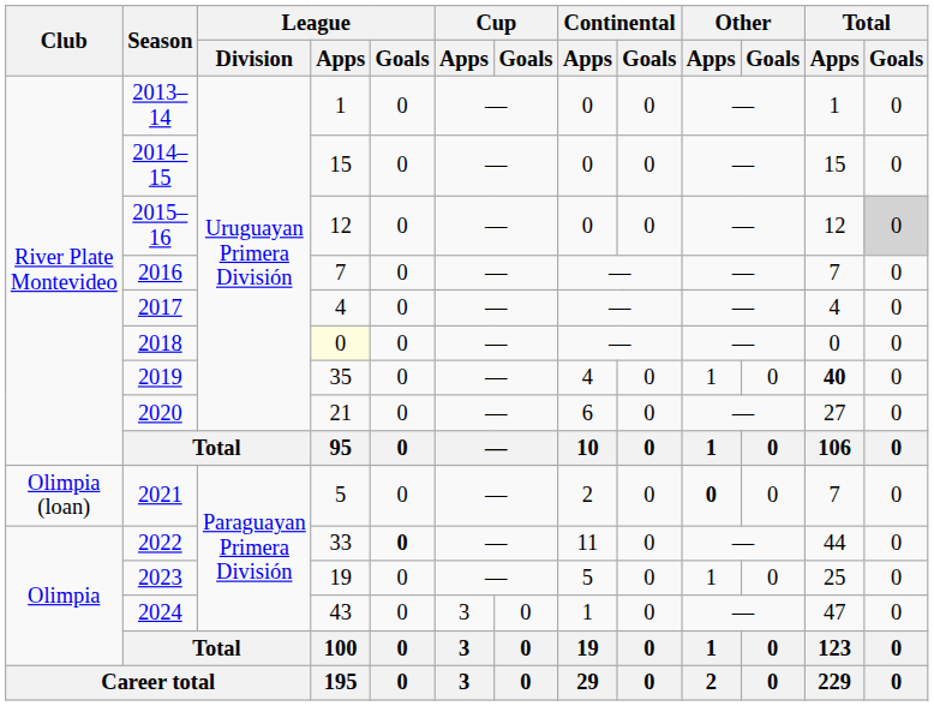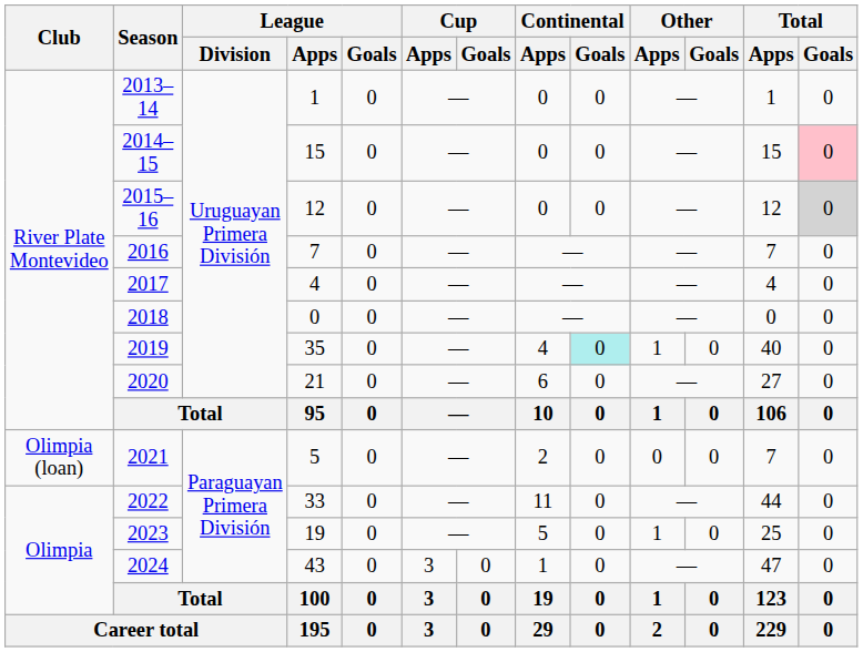 <table class="wikitable" Style="text-align: center">
 <tr>
 <th rowspan="2">Club</th>
 <th rowspan="2">Season</th>
 <th colspan="3">League</th>
 <th colspan="2">Cup</th>
 <th colspan="2">Continental</th>
 <th colspan="2">Other</th>
 <th colspan="2">Total</th>
 </tr>
 <tr>
 <th>Division</th>
 <th>Apps</th>
 <th>Goals</th>
 <th>Apps</th>
 <th>Goals</th>
 <th>Apps</th>
 <th>Goals</th>
 <th>Apps</th>
 <th>Goals</th>
 <th>Apps</th>
 <th>Goals</th>
 </tr>
 <tr>
 <td rowspan="9"><a href='#'>River Plate Montevideo</a></td>
 <td><a href='#'>2013–14</a></td>
 <td rowspan="8"><a href='#'>Uruguayan Primera División</a></td>
 <td>1</td>
 <td>0</td>
 <td colspan="2">—</td>
 <td>0</td>
 <td>0</td>
 <td colspan="2">—</td>
 <td>1</td>
 <td>0</td>
 </tr>
 <tr>
 <td><a href='#'>2014–15</a></td>
 <td>15</td>
 <td>0</td>
 <td colspan="2">—</td>
 <td>0</td>
 <td>0</td>
 <td colspan="2">—</td>
 <td>15</td>
-<td>0</td>
+<td style="background: pink;">0</td>
 </tr>
 <tr>
 <td><a href='#'>2015–16</a></td>
 <td>12</td>
 <td>0</td>
 <td colspan="2">—</td>
 <td>0</td>
 <td>0</td>
 <td colspan="2">—</td>
 <td>12</td>
 <td style="background: lightgrey;">0</td>
 </tr>
 <tr>
 <td><a href='#'>2016</a></td>
 <td>7</td>
 <td>0</td>
 <td colspan="2">—</td>
 <td colspan="2">—</td>
 <td colspan="2">—</td>
 <td>7</td>
 <td>0</td>
 </tr>
 <tr>
 <td><a href='#'>2017</a></td>
 <td>4</td>
 <td>0</td>
 <td colspan="2">—</td>
 <td colspan="2">—</td>
 <td colspan="2">—</td>
 <td>4</td>
 <td>0</td>
 </tr>
 <tr>
 <td><a href='#'>2018</a></td>
-<td style="background: lightyellow;">0</td>
+<td>0</td>
 <td>0</td>
 <td colspan="2">—</td>
 <td colspan="2">—</td>
 <td colspan="2">—</td>
 <td>0</td>
 <td>0</td>
 </tr>
 <tr>
 <td><a href='#'>2019</a></td>
 <td>35</td>
 <td>0</td>
 <td colspan="2">—</td>
 <td>4</td>
-<td>0</td>
+<td style="background: paleturquoise;">0</td>
 <td>1</td>
 <td>0</td>
-<td><strong>40</strong></td>
+<td>40</td>
 <td>0</td>
 </tr>
 <tr>
 <td><a href='#'>2020</a></td>
 <td>21</td>
 <td>0</td>
 <td colspan="2">—</td>
 <td>6</td>
 <td>0</td>
 <td colspan="2">—</td>
 <td>27</td>
 <td>0</td>
 </tr>
 <tr>
 <th colspan="2">Total</th>
 <th>95</th>
 <th>0</th>
 <th colspan="2">—</th>
 <th>10</th>
 <th>0</th>
 <th>1</th>
 <th>0</th>
 <th>106</th>
 <th>0</th>
 </tr>
 <tr>
 <td><a href='#'>Olimpia</a> (loan)</td>
 <td><a href='#'>2021</a></td>
 <td rowspan="4"><a href='#'>Paraguayan Primera División</a></td>
 <td>5</td>
 <td>0</td>
 <td colspan="2">—</td>
 <td>2</td>
 <td>0</td>
-<td><strong>0</strong></td>
+<td>0</td>
 <td>0</td>
 <td>7</td>
 <td>0</td>
 </tr>
 <tr>
 <td rowspan="4"><a href='#'>Olimpia</a></td>
 <td><a href='#'>2022</a></td>
 <td>33</td>
-<td><strong>0</strong></td>
+<td>0</td>
 <td colspan="2">—</td>
 <td>11</td>
 <td>0</td>
 <td colspan="2">—</td>
 <td>44</td>
 <td>0</td>
 </tr>
 <tr>
 <td><a href='#'>2023</a></td>
 <td>19</td>
 <td>0</td>
 <td colspan="2">—</td>
 <td>5</td>
 <td>0</td>
 <td>1</td>
 <td>0</td>
 <td>25</td>
 <td>0</td>
 </tr>
 <tr>
 <td><a href='#'>2024</a></td>
 <td>43</td>
 <td>0</td>
 <td>3</td>
 <td>0</td>
 <td>1</td>
 <td>0</td>
 <td colspan="2">—</td>
 <td>47</td>
 <td>0</td>
 </tr>
 <tr>
 <th colspan="2">Total</th>
 <th>100</th>
 <th>0</th>
 <th>3</th>
 <th>0</th>
 <th>19</th>
 <th>0</th>
 <th>1</th>
 <th>0</th>
 <th>123</th>
 <th>0</th>
 </tr>
 <tr>
 <th colspan="3">Career total</th>
 <th>195</th>
 <th>0</th>
 <th>3</th>
 <th>0</th>
 <th>29</th>
 <th>0</th>
 <th>2</th>
 <th>0</th>
 <th>229</th>
 <th>0</th>
 </tr>
 </table>
